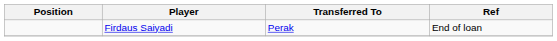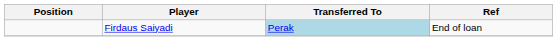 <table class="wikitable sortable" style="width:70%; font-size:100%; text-align:left;">
 <tr>
 <th>Position</th>
 <th>Player</th>
 <th>Transferred To</th>
 <th>Ref</th>
 </tr>
 <tr>
 <td></td>
 <td> <a href='#'>Firdaus Saiyadi</a></td>
-<td> <a href='#'>Perak</a></td>
+<td style="background: lightblue;"> <a href='#'>Perak</a></td>
 <td>End of loan</td>
 </tr>
 <tr>
 </tr>
 </table>
